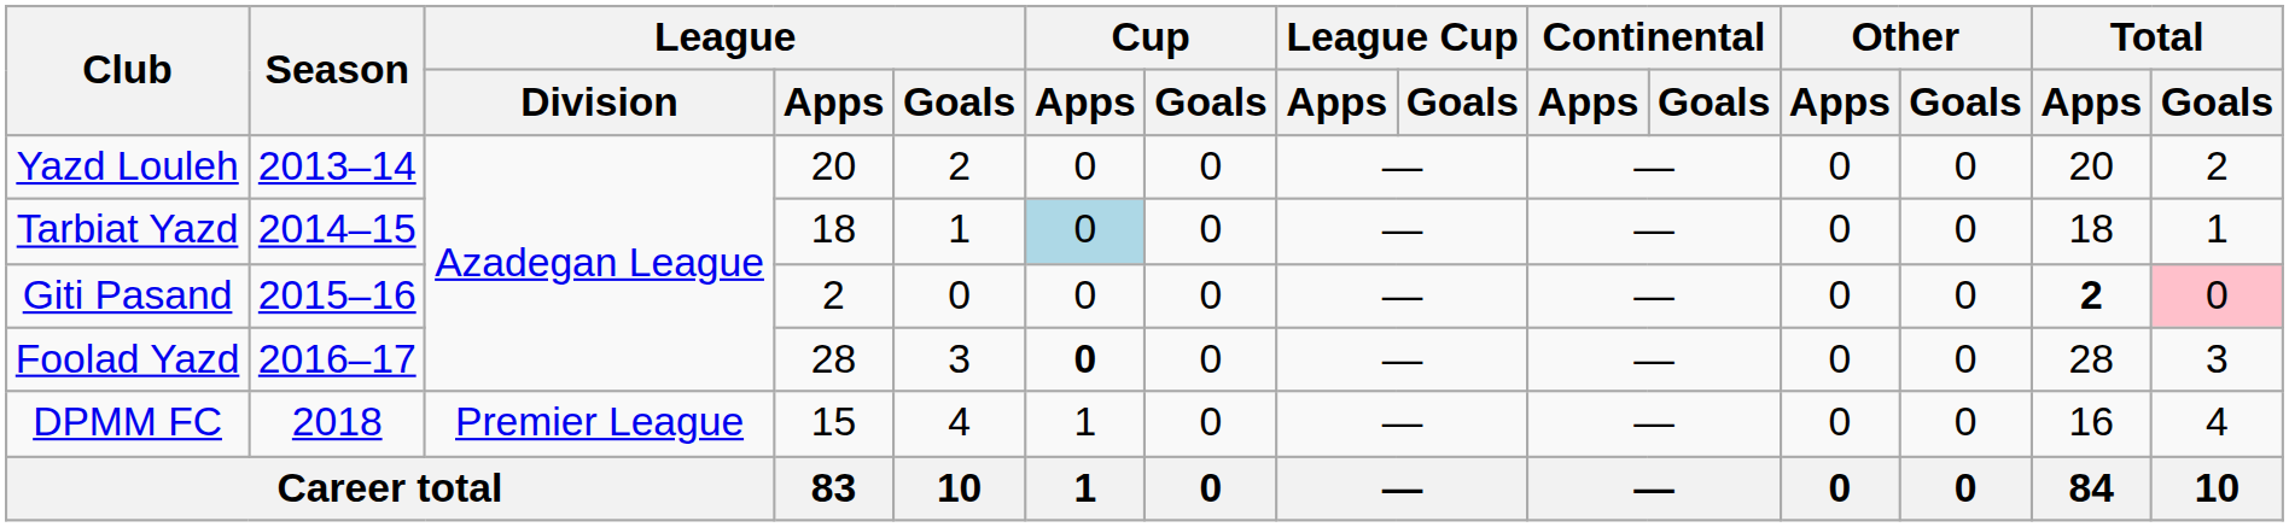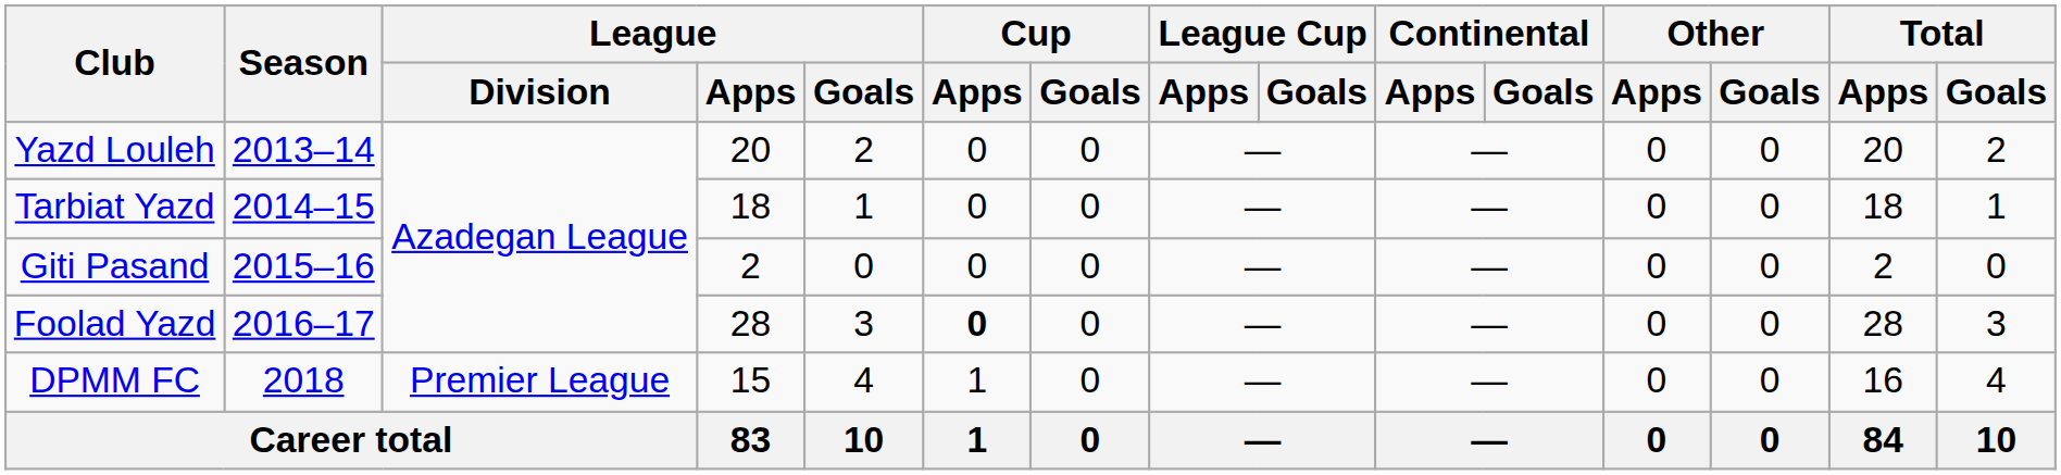 <table class="wikitable" style="text-align:center">
 <tr>
 <th rowspan="2">Club</th>
 <th rowspan="2">Season</th>
 <th colspan="3">League</th>
 <th colspan="2">Cup</th>
 <th colspan="2">League Cup</th>
 <th colspan="2">Continental</th>
 <th colspan="2">Other</th>
 <th colspan="2">Total</th>
 </tr>
 <tr>
 <th>Division</th>
 <th>Apps</th>
 <th>Goals</th>
 <th>Apps</th>
 <th>Goals</th>
 <th>Apps</th>
 <th>Goals</th>
 <th>Apps</th>
 <th>Goals</th>
 <th>Apps</th>
 <th>Goals</th>
 <th>Apps</th>
 <th>Goals</th>
 </tr>
 <tr>
 <td rowspan="1"><a href='#'>Yazd Louleh</a></td>
 <td><a href='#'>2013–14</a></td>
 <td rowspan="4"><a href='#'>Azadegan League</a></td>
 <td>20</td>
 <td>2</td>
 <td>0</td>
 <td>0</td>
 <td colspan="2">—</td>
 <td colspan="2">—</td>
 <td>0</td>
 <td>0</td>
 <td>20</td>
 <td>2</td>
 </tr>
 <tr>
 <td rowspan="1"><a href='#'>Tarbiat Yazd</a></td>
 <td><a href='#'>2014–15</a></td>
 <td>18</td>
 <td>1</td>
-<td style="background: lightblue;">0</td>
+<td>0</td>
 <td>0</td>
 <td colspan="2">—</td>
 <td colspan="2">—</td>
 <td>0</td>
 <td>0</td>
 <td>18</td>
 <td>1</td>
 </tr>
 <tr>
 <td rowspan="1"><a href='#'>Giti Pasand</a></td>
 <td><a href='#'>2015–16</a></td>
 <td>2</td>
 <td>0</td>
 <td>0</td>
 <td>0</td>
 <td colspan="2">—</td>
 <td colspan="2">—</td>
 <td>0</td>
 <td>0</td>
-<td><strong>2</strong></td>
-<td style="background: pink;">0</td>
+<td>2</td>
+<td>0</td>
 </tr>
 <tr>
 <td rowspan="1"><a href='#'>Foolad Yazd</a></td>
 <td><a href='#'>2016–17</a></td>
 <td>28</td>
 <td>3</td>
 <td><strong>0</strong></td>
 <td>0</td>
 <td colspan="2">—</td>
 <td colspan="2">—</td>
 <td>0</td>
 <td>0</td>
 <td>28</td>
 <td>3</td>
 </tr>
 <tr>
 <td rowspan="1"><a href='#'>DPMM FC</a></td>
 <td><a href='#'>2018</a></td>
 <td rowspan="1"><a href='#'>Premier League</a></td>
 <td>15</td>
 <td>4</td>
 <td>1</td>
 <td>0</td>
 <td colspan="2">—</td>
 <td colspan="2">—</td>
 <td>0</td>
 <td>0</td>
 <td>16</td>
 <td>4</td>
 </tr>
 <tr>
 <th colspan="3">Career total</th>
 <th>83</th>
 <th>10</th>
 <th>1</th>
 <th>0</th>
 <th colspan="2">—</th>
 <th colspan="2">—</th>
 <th>0</th>
 <th>0</th>
 <th>84</th>
 <th>10</th>
 </tr>
 </table>
